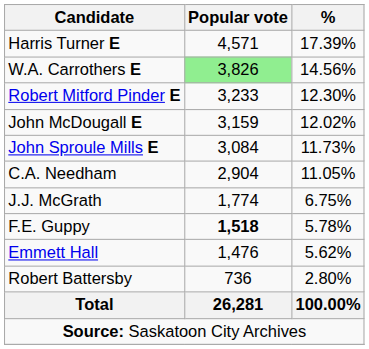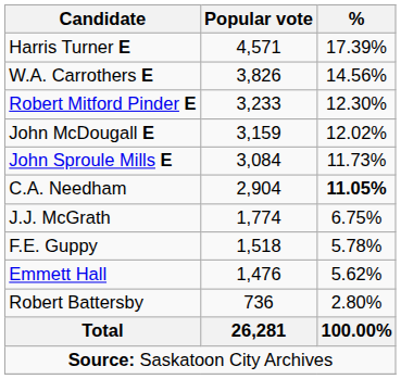 <table class="wikitable">
 <tr>
 <th>Candidate</th>
 <th>Popular vote</th>
 <th>%</th>
 </tr>
 <tr>
 <td>Harris Turner <strong>E</strong></td>
 <td align=center>4,571</td>
 <td align=center>17.39%</td>
 </tr>
 <tr>
 <td>W.A. Carrothers <strong>E</strong></td>
-<td align=center style="background: lightgreen;">3,826</td>
+<td align=center>3,826</td>
 <td align=center>14.56%</td>
 </tr>
 <tr>
 <td><a href='#'>Robert Mitford Pinder</a> <strong>E</strong></td>
 <td align=center>3,233</td>
 <td align=center>12.30%</td>
 </tr>
 <tr>
 <td>John McDougall <strong>E</strong></td>
 <td align=center>3,159</td>
 <td align=center>12.02%</td>
 </tr>
 <tr>
 <td><a href='#'>John Sproule Mills</a> <strong>E</strong></td>
 <td align=center>3,084</td>
 <td align=center>11.73%</td>
 </tr>
 <tr>
 <td>C.A. Needham</td>
 <td align=center>2,904</td>
-<td align=center>11.05%</td>
+<td align=center><strong>11.05%</strong></td>
 </tr>
 <tr>
 <td>J.J. McGrath</td>
 <td align=center>1,774</td>
 <td align=center>6.75%</td>
 </tr>
 <tr>
 <td>F.E. Guppy</td>
-<td align=center><strong>1,518</strong></td>
+<td align=center>1,518</td>
 <td align=center>5.78%</td>
 </tr>
 <tr>
 <td><a href='#'>Emmett Hall</a></td>
 <td align=center>1,476</td>
 <td align=center>5.62%</td>
 </tr>
 <tr>
 <td>Robert Battersby</td>
 <td align=center>736</td>
 <td align=center>2.80%</td>
 </tr>
 <tr>
 <th>Total</th>
 <th align=right>26,281</th>
 <th align=right>100.00%</th>
 </tr>
 <tr>
 <td align="center" colspan=3><strong>Source:</strong> Saskatoon City Archives</td>
 </tr>
 <tr>
 </tr>
 </table>
